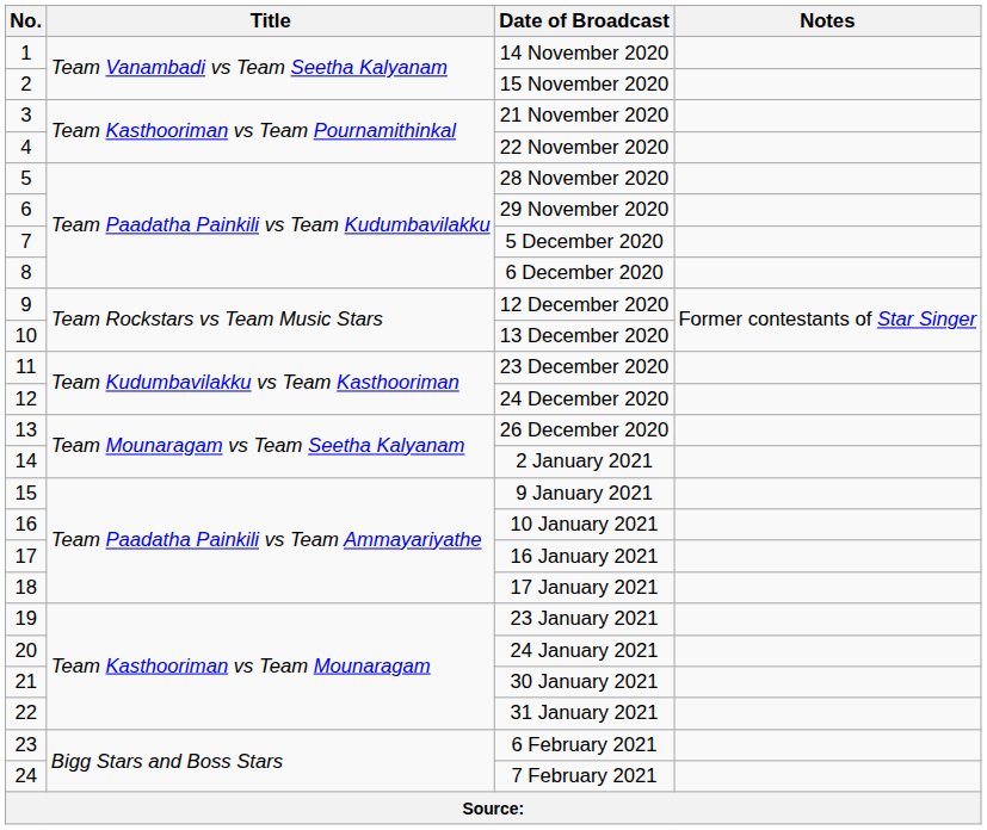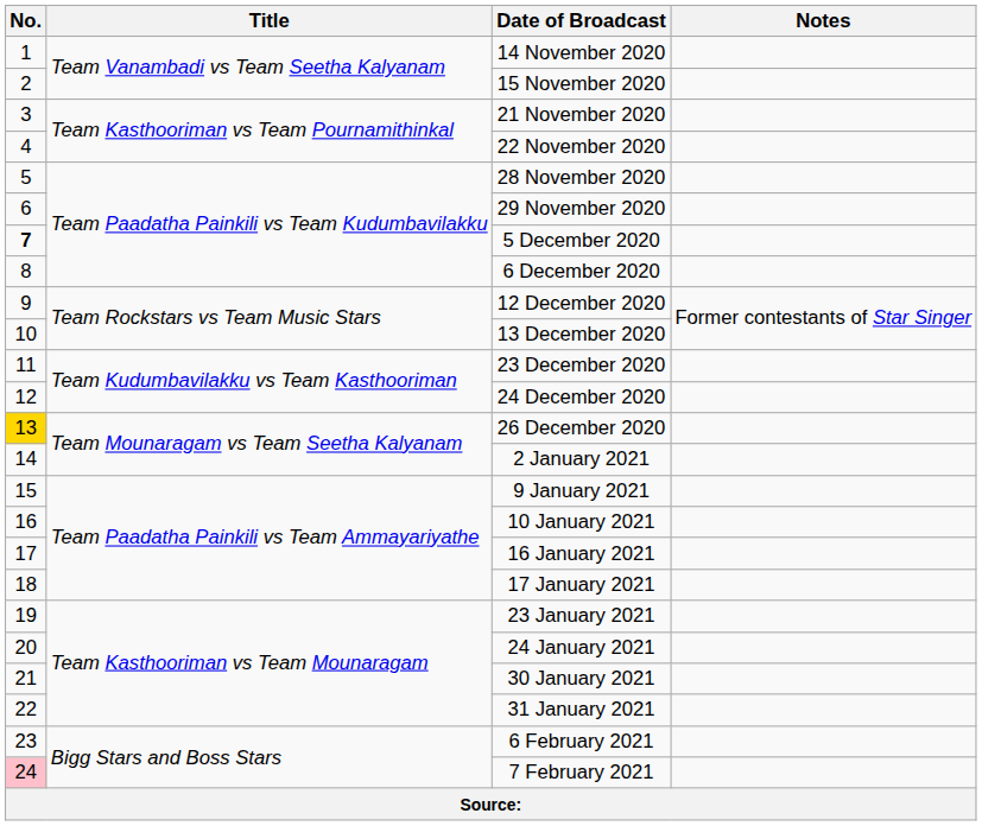 <table class=" sortable wikitable">
 <tr>
 <th>No.</th>
 <th>Title</th>
 <th>Date of Broadcast</th>
 <th>Notes</th>
 </tr>
 <tr>
 <td style="text-align:center">1</td>
 <td rowspan="2"><em>Team <a href='#'>Vanambadi</a> vs Team <a href='#'>Seetha Kalyanam</a></em></td>
 <td style="text-align:center">14 November 2020</td>
 <td></td>
 </tr>
 <tr>
 <td style="text-align:center">2</td>
 <td style="text-align:center">15 November 2020</td>
 <td></td>
 </tr>
 <tr>
 <td style="text-align:center">3</td>
 <td rowspan="2"><em>Team <a href='#'>Kasthooriman</a> vs Team <a href='#'>Pournamithinkal</a></em></td>
 <td style="text-align:center">21 November 2020</td>
 <td></td>
 </tr>
 <tr>
 <td style="text-align:center">4</td>
 <td style="text-align:center">22 November 2020</td>
 <td></td>
 </tr>
 <tr>
 <td style="text-align:center">5</td>
 <td rowspan="4"><em>Team <a href='#'>Paadatha Painkili</a> vs Team <a href='#'>Kudumbavilakku</a></em></td>
 <td style="text-align:center">28 November 2020</td>
 <td></td>
 </tr>
 <tr>
 <td style="text-align:center">6</td>
 <td style="text-align:center">29 November 2020</td>
 <td></td>
 </tr>
 <tr>
-<td style="text-align:center">7</td>
+<td style="text-align:center"><strong>7</strong></td>
 <td style="text-align:center">5 December 2020</td>
 <td></td>
 </tr>
 <tr>
 <td style="text-align:center">8</td>
 <td style="text-align:center">6 December 2020</td>
 <td></td>
 </tr>
 <tr>
 <td style="text-align:center">9</td>
 <td rowspan="2"><em>Team Rockstars vs Team Music Stars</em></td>
 <td style="text-align:center">12 December 2020</td>
 <td rowspan="2">Former contestants of <em><a href='#'>Star Singer</a></em></td>
 </tr>
 <tr>
 <td style="text-align:center">10</td>
 <td style="text-align:center">13 December 2020</td>
 </tr>
 <tr>
 <td style="text-align:center">11</td>
 <td rowspan="2"><em>Team <a href='#'>Kudumbavilakku</a> vs Team <a href='#'>Kasthooriman</a></em></td>
 <td style="text-align:center">23 December 2020</td>
 <td></td>
 </tr>
 <tr>
 <td style="text-align:center">12</td>
 <td style="text-align:center">24 December 2020</td>
 <td></td>
 </tr>
 <tr>
-<td style="text-align:center">13</td>
+<td style="background: gold; text-align:center">13</td>
 <td rowspan="2"><em>Team <a href='#'>Mounaragam</a> vs Team <a href='#'>Seetha Kalyanam</a></em></td>
 <td style="text-align:center">26 December 2020</td>
 <td></td>
 </tr>
 <tr>
 <td style="text-align:center">14</td>
 <td style="text-align:center">2 January 2021</td>
 <td></td>
 </tr>
 <tr>
 <td style="text-align:center">15</td>
 <td rowspan="4"><em>Team <a href='#'>Paadatha Painkili</a> vs Team <a href='#'>Ammayariyathe</a></em></td>
 <td style="text-align:center">9 January 2021</td>
 <td></td>
 </tr>
 <tr>
 <td style="text-align:center">16</td>
 <td style="text-align:center">10 January 2021</td>
 <td></td>
 </tr>
 <tr>
 <td style="text-align:center">17</td>
 <td style="text-align:center">16 January 2021</td>
 <td></td>
 </tr>
 <tr>
 <td style="text-align:center">18</td>
 <td style="text-align:center">17 January 2021</td>
 <td></td>
 </tr>
 <tr>
 <td style="text-align:center">19</td>
 <td rowspan="4"><em>Team <a href='#'>Kasthooriman</a> vs Team <a href='#'>Mounaragam</a></em></td>
 <td style="text-align:center">23 January 2021</td>
 <td></td>
 </tr>
 <tr>
 <td style="text-align:center">20</td>
 <td style="text-align:center">24 January 2021</td>
 <td></td>
 </tr>
 <tr>
 <td style="text-align:center">21</td>
 <td style="text-align:center">30 January 2021</td>
 <td></td>
 </tr>
 <tr>
 <td style="text-align:center">22</td>
 <td style="text-align:center">31 January 2021</td>
 <td></td>
 </tr>
 <tr>
 <td style="text-align:center">23</td>
 <td rowspan="2"><em>Bigg Stars and Boss Stars</em></td>
 <td style="text-align:center">6 February 2021</td>
 <td></td>
 </tr>
 <tr>
-<td style="text-align:center">24</td>
+<td style="background: pink; text-align:center">24</td>
 <td style="text-align:center">7 February 2021</td>
 <td></td>
 </tr>
 <tr>
 <th colspan="4" style="text-align: center;"><small>Source:</small></th>
 </tr>
 </table>
